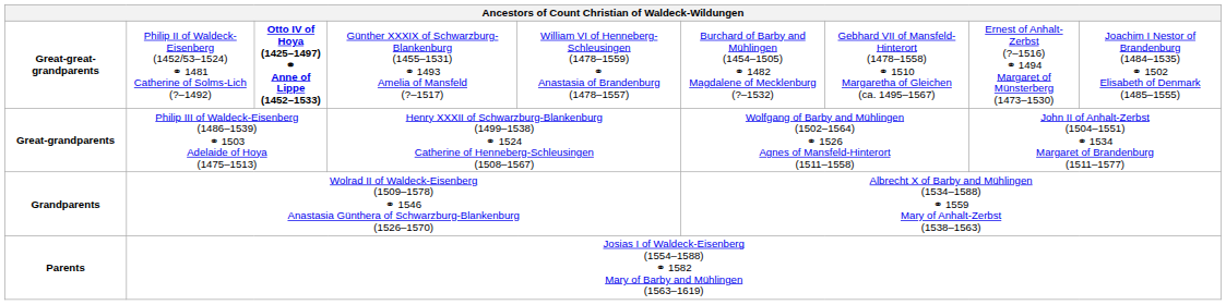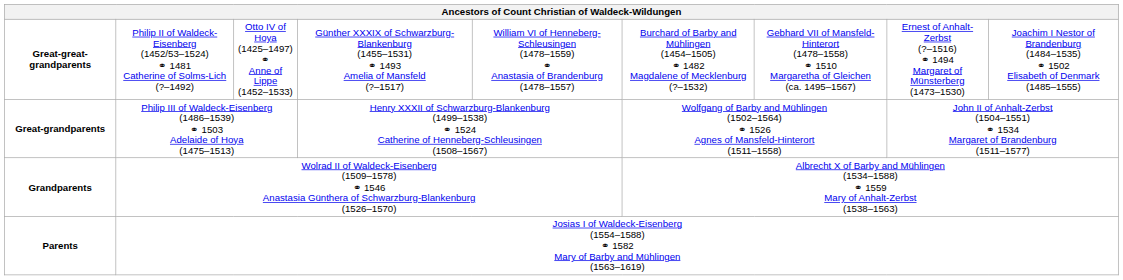 <table class="wikitable" style="background:#FFFFFF; font-size:85%; text-align:center">
 <tr bgcolor="#E0E0E0">
 <th colspan="9">Ancestors of Count Christian of Waldeck-Wildungen</th>
 </tr>
 <tr>
 <td><strong>Great-great-grandparents</strong></td>
 <td colspan="1"><a href='#'>Philip II of Waldeck-Eisenberg</a><br>(1452/53–1524)<br>⚭ 1481<br><a href='#'>Catherine of Solms-Lich</a><br>(?–1492)</td>
-<td colspan="1"><strong><a href='#'>Otto IV of Hoya</a><br>(1425–1497)<br>⚭<br><a href='#'>Anne of Lippe</a><br>(1452–1533)</strong></td>
+<td colspan="1"><a href='#'>Otto IV of Hoya</a><br>(1425–1497)<br>⚭<br><a href='#'>Anne of Lippe</a><br>(1452–1533)</td>
 <td colspan="1"><a href='#'>Günther XXXIX of Schwarzburg-Blankenburg</a><br>(1455–1531)<br>⚭ 1493<br><a href='#'>Amelia of Mansfeld</a><br>(?–1517)</td>
 <td colspan="1"><a href='#'>William VI of Henneberg-Schleusingen</a><br>(1478–1559)<br>⚭<br><a href='#'>Anastasia of Brandenburg</a><br>(1478–1557)</td>
 <td colspan="1"><a href='#'>Burchard of Barby and Mühlingen</a><br>(1454–1505)<br>⚭ 1482<br><a href='#'>Magdalene of Mecklenburg</a><br>(?–1532)</td>
 <td colspan="1"><a href='#'>Gebhard VII of Mansfeld-Hinterort</a><br>(1478–1558)<br>⚭ 1510<br><a href='#'>Margaretha of Gleichen</a><br>(ca. 1495–1567)</td>
 <td colspan="1"><a href='#'>Ernest of Anhalt-Zerbst</a><br>(?–1516)<br>⚭ 1494<br><a href='#'>Margaret of Münsterberg</a><br>(1473–1530)</td>
 <td colspan="1"><a href='#'>Joachim I Nestor of Brandenburg</a><br>(1484–1535)<br>⚭ 1502<br><a href='#'>Elisabeth of Denmark</a><br>(1485–1555)</td>
 </tr>
 <tr>
 <td><strong>Great-grandparents</strong></td>
 <td colspan="2"><a href='#'>Philip III of Waldeck-Eisenberg</a><br>(1486–1539)<br>⚭ 1503<br><a href='#'>Adelaide of Hoya</a><br>(1475–1513)</td>
 <td colspan="2"><a href='#'>Henry XXXII of Schwarzburg-Blankenburg</a><br>(1499–1538)<br>⚭ 1524<br><a href='#'>Catherine of Henneberg-Schleusingen</a><br>(1508–1567)</td>
 <td colspan="2"><a href='#'>Wolfgang of Barby and Mühlingen</a><br>(1502–1564)<br>⚭ 1526<br><a href='#'>Agnes of Mansfeld-Hinterort</a><br>(1511–1558)</td>
 <td colspan="2"><a href='#'>John II of Anhalt-Zerbst</a><br>(1504–1551)<br>⚭ 1534<br><a href='#'>Margaret of Brandenburg</a><br>(1511–1577)</td>
 </tr>
 <tr>
 <td><strong>Grandparents</strong></td>
 <td colspan="4"><a href='#'>Wolrad II of Waldeck-Eisenberg</a><br>(1509–1578)<br>⚭ 1546<br><a href='#'>Anastasia Günthera of Schwarzburg-Blankenburg</a><br>(1526–1570)</td>
 <td colspan="4"><a href='#'>Albrecht X of Barby and Mühlingen</a><br>(1534–1588)<br>⚭ 1559<br><a href='#'>Mary of Anhalt-Zerbst</a><br>(1538–1563)</td>
 </tr>
 <tr>
 <td><strong>Parents</strong></td>
 <td colspan="8"><a href='#'>Josias I of Waldeck-Eisenberg</a><br>(1554–1588)<br>⚭ 1582<br><a href='#'>Mary of Barby and Mühlingen</a><br>(1563–1619)</td>
 </tr>
 </table>
